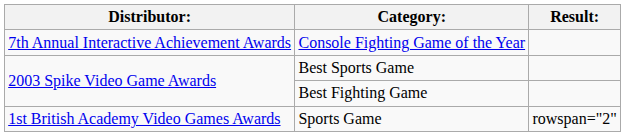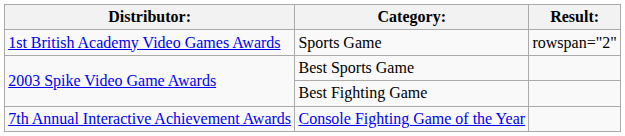 <table class="wikitable">
 <tr>
 <th>Distributor:</th>
 <th>Category:</th>
 <th>Result:</th>
 </tr>
 <tr>
-<td><a href='#'>7th Annual Interactive Achievement Awards</a></td>
-<td><a href='#'>Console Fighting Game of the Year</a></td>
-<td></td>
+<td><a href='#'>1st British Academy Video Games Awards</a></td>
+<td>Sports Game</td>
+<td>rowspan="2" </td>
 </tr>
 <tr>
 <td rowspan="2"><a href='#'>2003 Spike Video Game Awards</a></td>
 <td>Best Sports Game</td>
 </tr>
 <tr>
 <td>Best Fighting Game</td>
 <td></td>
 </tr>
 <tr>
-<td><a href='#'>1st British Academy Video Games Awards</a></td>
-<td>Sports Game</td>
-<td>rowspan="2" </td>
+<td><a href='#'>7th Annual Interactive Achievement Awards</a></td>
+<td><a href='#'>Console Fighting Game of the Year</a></td>
+<td></td>
 </tr>
 </table>
